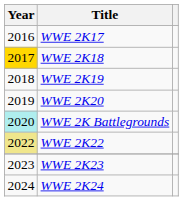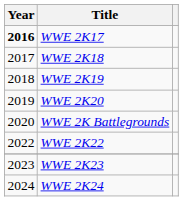 <table class="wikitable sortable plainrowheaders">
 <tr>
 <th scope="col">Year</th>
 <th scope="col">Title</th>
 <th scope="col" class="unsortable"></th>
 </tr>
 <tr>
-<td>2016</td>
+<td><strong>2016</strong></td>
 <td><em><a href='#'>WWE 2K17</a></em></td>
 <td></td>
 </tr>
 <tr>
-<td style="background: gold;">2017</td>
+<td>2017</td>
 <td><em><a href='#'>WWE 2K18</a></em></td>
 <td></td>
 </tr>
 <tr>
 <td>2018</td>
 <td><em><a href='#'>WWE 2K19</a></em></td>
 <td></td>
 </tr>
 <tr>
 <td>2019</td>
 <td><em><a href='#'>WWE 2K20</a></em></td>
 <td></td>
 </tr>
 <tr>
-<td style="background: paleturquoise;">2020</td>
+<td>2020</td>
 <td><em><a href='#'>WWE 2K Battlegrounds</a></em></td>
 <td></td>
 </tr>
 <tr>
-<td style="background: khaki;">2022</td>
+<td>2022</td>
 <td><em><a href='#'>WWE 2K22</a></em></td>
 <td></td>
 </tr>
 <tr>
 </tr>
 <tr>
 <td>2023</td>
 <td><em><a href='#'>WWE 2K23</a></em></td>
 <td></td>
 </tr>
 <tr>
 <td>2024</td>
 <td><em><a href='#'>WWE 2K24</a></em></td>
 <td></td>
 </tr>
 </table>
